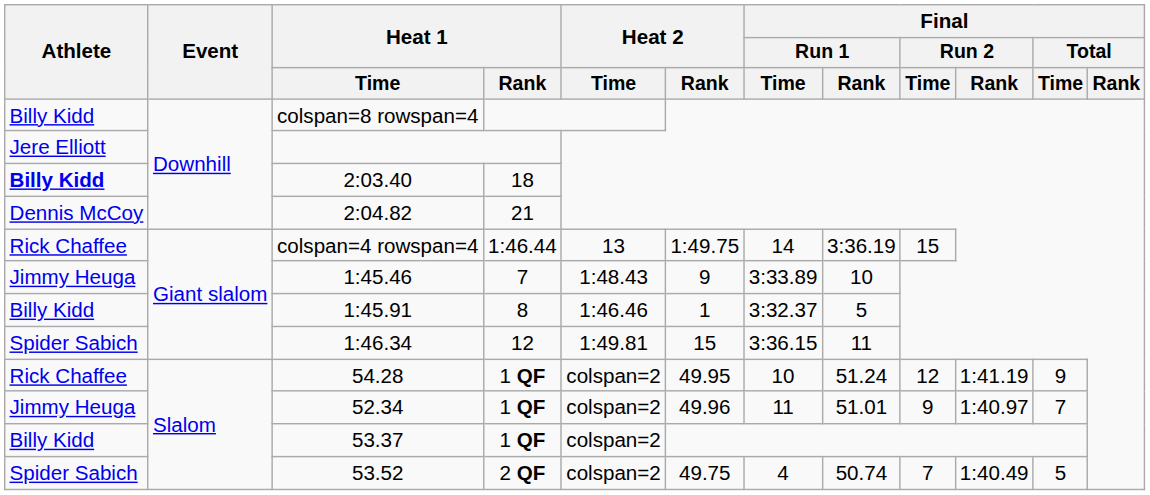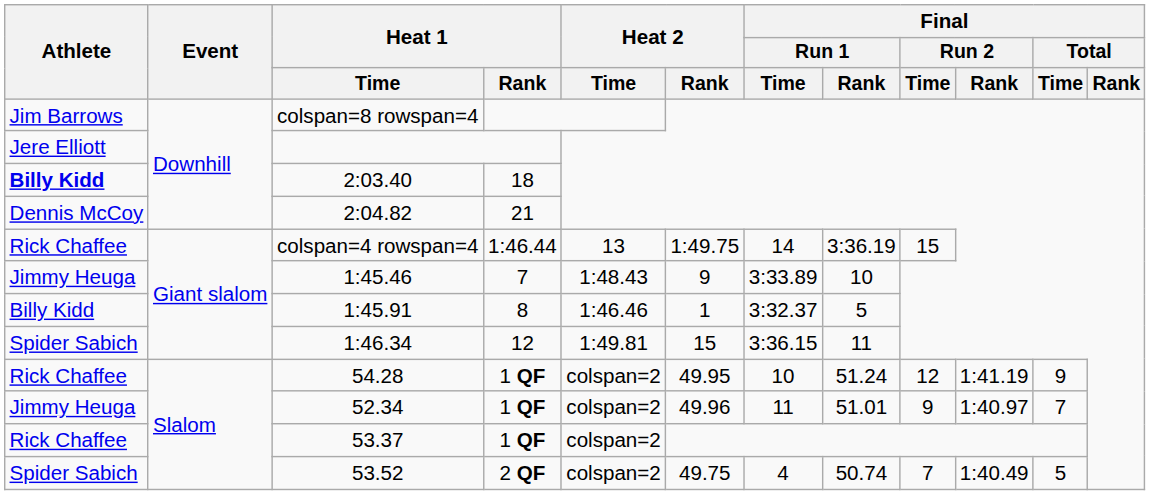 <table class=wikitable style="font-size:90%; text-align:center">
 <tr>
 <th rowspan=3>Athlete</th>
 <th rowspan=3>Event</th>
 <th rowspan=2 colspan=2>Heat 1</th>
 <th rowspan=2 colspan=2>Heat 2</th>
 <th colspan=6>Final</th>
 </tr>
 <tr style=font-size:95%>
 <th colspan=2>Run 1</th>
 <th colspan=2>Run 2</th>
 <th colspan=2>Total</th>
 </tr>
 <tr style=font-size:95%>
 <th>Time</th>
 <th>Rank</th>
 <th>Time</th>
 <th>Rank</th>
 <th>Time</th>
 <th>Rank</th>
 <th>Time</th>
 <th>Rank</th>
 <th>Time</th>
 <th>Rank</th>
 </tr>
 <tr>
-<td align=left><a href='#'>Billy Kidd</a></td>
+<td align=left><a href='#'>Jim Barrows</a></td>
 <td align=left rowspan=4><a href='#'>Downhill</a></td>
 <td>colspan=8 rowspan=4 </td>
 <td colspan=2></td>
 </tr>
 <tr>
 <td align=left><a href='#'>Jere Elliott</a></td>
 <td colspan=2></td>
 </tr>
 <tr>
 <td align=left><strong><a href='#'>Billy Kidd</a></strong></td>
 <td>2:03.40</td>
 <td>18</td>
 </tr>
 <tr>
 <td align=left><a href='#'>Dennis McCoy</a></td>
 <td>2:04.82</td>
 <td>21</td>
 </tr>
 <tr>
 <td align=left><a href='#'>Rick Chaffee</a></td>
 <td align=left rowspan=4><a href='#'>Giant slalom</a></td>
 <td>colspan=4 rowspan=4 </td>
 <td>1:46.44</td>
 <td>13</td>
 <td>1:49.75</td>
 <td>14</td>
 <td>3:36.19</td>
 <td>15</td>
 </tr>
 <tr>
 <td align=left><a href='#'>Jimmy Heuga</a></td>
 <td>1:45.46</td>
 <td>7</td>
 <td>1:48.43</td>
 <td>9</td>
 <td>3:33.89</td>
 <td>10</td>
 </tr>
 <tr>
 <td align=left><a href='#'>Billy Kidd</a></td>
 <td>1:45.91</td>
 <td>8</td>
 <td>1:46.46</td>
 <td>1</td>
 <td>3:32.37</td>
 <td>5</td>
 </tr>
 <tr>
 <td align=left><a href='#'>Spider Sabich</a></td>
 <td>1:46.34</td>
 <td>12</td>
 <td>1:49.81</td>
 <td>15</td>
 <td>3:36.15</td>
 <td>11</td>
 </tr>
 <tr>
 <td align=left><a href='#'>Rick Chaffee</a></td>
 <td align=left rowspan=4><a href='#'>Slalom</a></td>
 <td>54.28</td>
 <td>1 <strong>QF</strong></td>
 <td>colspan=2 </td>
 <td>49.95</td>
 <td>10</td>
 <td>51.24</td>
 <td>12</td>
 <td>1:41.19</td>
 <td>9</td>
 </tr>
 <tr>
 <td align=left><a href='#'>Jimmy Heuga</a></td>
 <td>52.34</td>
 <td>1 <strong>QF</strong></td>
 <td>colspan=2 </td>
 <td>49.96</td>
 <td>11</td>
 <td>51.01</td>
 <td>9</td>
 <td>1:40.97</td>
 <td>7</td>
 </tr>
 <tr>
-<td align=left><a href='#'>Billy Kidd</a></td>
+<td align=left><a href='#'>Rick Chaffee</a></td>
 <td>53.37</td>
 <td>1 <strong>QF</strong></td>
 <td>colspan=2 </td>
 <td colspan=6></td>
 </tr>
 <tr>
 <td align=left><a href='#'>Spider Sabich</a></td>
 <td>53.52</td>
 <td>2 <strong>QF</strong></td>
 <td>colspan=2 </td>
 <td>49.75</td>
 <td>4</td>
 <td>50.74</td>
 <td>7</td>
 <td>1:40.49</td>
 <td>5</td>
 </tr>
 </table>
